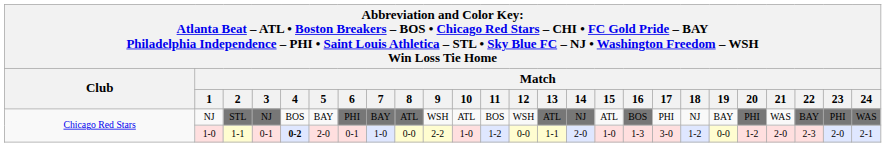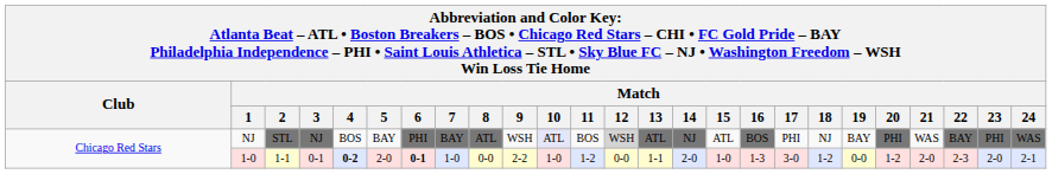 <table class="wikitable" style="text-align:center;width=90%">
 <tr>
 <th colspan="31">Abbreviation and Color Key:<br><a href='#'>Atlanta Beat</a> – ATL • <a href='#'>Boston Breakers</a> – BOS • <a href='#'>Chicago Red Stars</a> – CHI • <a href='#'>FC Gold Pride</a> – BAY<br><a href='#'>Philadelphia Independence</a> – PHI • <a href='#'>Saint Louis Athletica</a> – STL • <a href='#'>Sky Blue FC</a> – NJ • <a href='#'>Washington Freedom</a> – WSH<br><span>Win</span>  <span>Loss</span>  <span>Tie</span> <span>Home</span></th>
 </tr>
 <tr>
 <th width="20%" rowspan="2">Club</th>
 <th width="72%" colspan="30">Match</th>
 </tr>
 <tr style="background-color:#CCCCCC; font-size: 90%">
 <th width="3%">1</th>
 <th width="3%">2</th>
 <th width="3%">3</th>
 <th width="3%">4</th>
 <th width="3%">5</th>
 <th width="3%">6</th>
 <th width="3%">7</th>
 <th width="3%">8</th>
 <th width="3%">9</th>
 <th width="3%">10</th>
 <th width="3%">11</th>
 <th width="3%">12</th>
 <th width="3%">13</th>
 <th width="3%">14</th>
 <th width="3%">15</th>
 <th width="3%">16</th>
 <th width="3%">17</th>
 <th width="3%">18</th>
 <th width="3%">19</th>
 <th width="3%">20</th>
 <th width="3%">21</th>
 <th width="3%">22</th>
 <th width="3%">23</th>
 <th width="3%">24<br></th>
 </tr>
 <tr style="font-size: 75%">
 <td rowspan="2"><a href='#'>Chicago Red Stars</a></td>
 <td>NJ</td>
 <td bgcolor=#777777>STL</td>
 <td bgcolor=#777777>NJ</td>
 <td>BOS</td>
 <td>BAY</td>
 <td bgcolor=#777777>PHI</td>
 <td bgcolor=#777777>BAY</td>
 <td bgcolor=#777777>ATL</td>
 <td>WSH</td>
-<td>ATL</td>
+<td style="background: lavender;">ATL</td>
 <td>BOS</td>
-<td>WSH</td>
+<td style="background: lightgrey;">WSH</td>
 <td bgcolor=#777777>ATL</td>
 <td bgcolor=#777777>NJ</td>
 <td>ATL</td>
 <td bgcolor=#777777>BOS</td>
 <td>PHI</td>
 <td>NJ</td>
 <td>BAY</td>
 <td bgcolor=#777777>PHI</td>
 <td>WAS</td>
 <td bgcolor=#777777>BAY</td>
 <td bgcolor=#777777>PHI</td>
 <td bgcolor=#777777>WAS</td>
 </tr>
 <tr style="font-size: 75%">
 <td bgcolor=#FFDFDF>1-0</td>
 <td bgcolor=#FFFDD0>1-1</td>
 <td bgcolor=#FFDFDF>0-1</td>
 <td bgcolor=#DFE7FF><strong>0-2</strong></td>
 <td bgcolor=#FFDFDF>2-0</td>
-<td bgcolor=#FFDFDF>0-1</td>
+<td bgcolor=#FFDFDF><strong>0-1</strong></td>
 <td bgcolor=#DFE7FF>1-0</td>
 <td bgcolor=#FFFDD0>0-0</td>
 <td bgcolor=#FFFDD0>2-2</td>
 <td bgcolor=#FFDFDF>1-0</td>
 <td bgcolor=#DFE7FF>1-2</td>
 <td bgcolor=#FFFDD0>0-0</td>
 <td bgcolor=#FFFDD0>1-1</td>
 <td bgcolor=#DFE7FF>2-0</td>
 <td bgcolor=#FFDFDF>1-0</td>
 <td bgcolor=#FFDFDF>1-3</td>
 <td bgcolor=#FFDFDF>3-0</td>
 <td bgcolor=#DFE7FF>1-2</td>
 <td bgcolor=#FFFDD0>0-0</td>
 <td bgcolor=#FFDFDF>1-2</td>
 <td bgcolor=#FFDFDF>2-0</td>
 <td bgcolor=#FFDFDF>2-3</td>
 <td bgcolor=#DFE7FF>2-0</td>
 <td bgcolor=#DFE7FF>2-1</td>
 </tr>
 </table>
